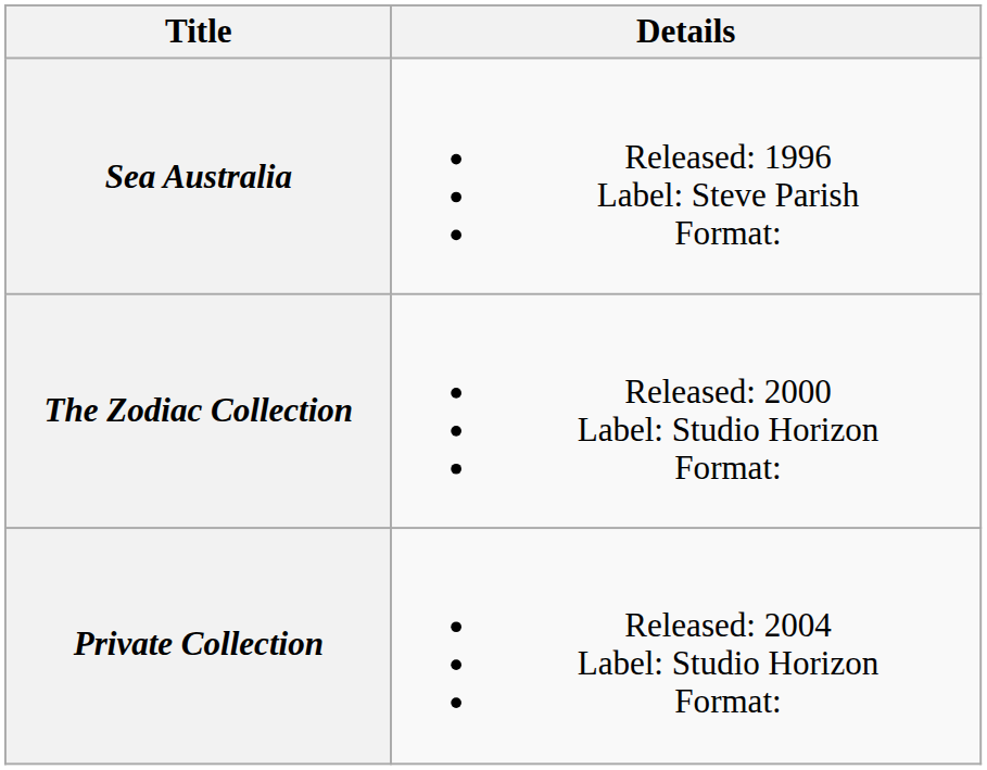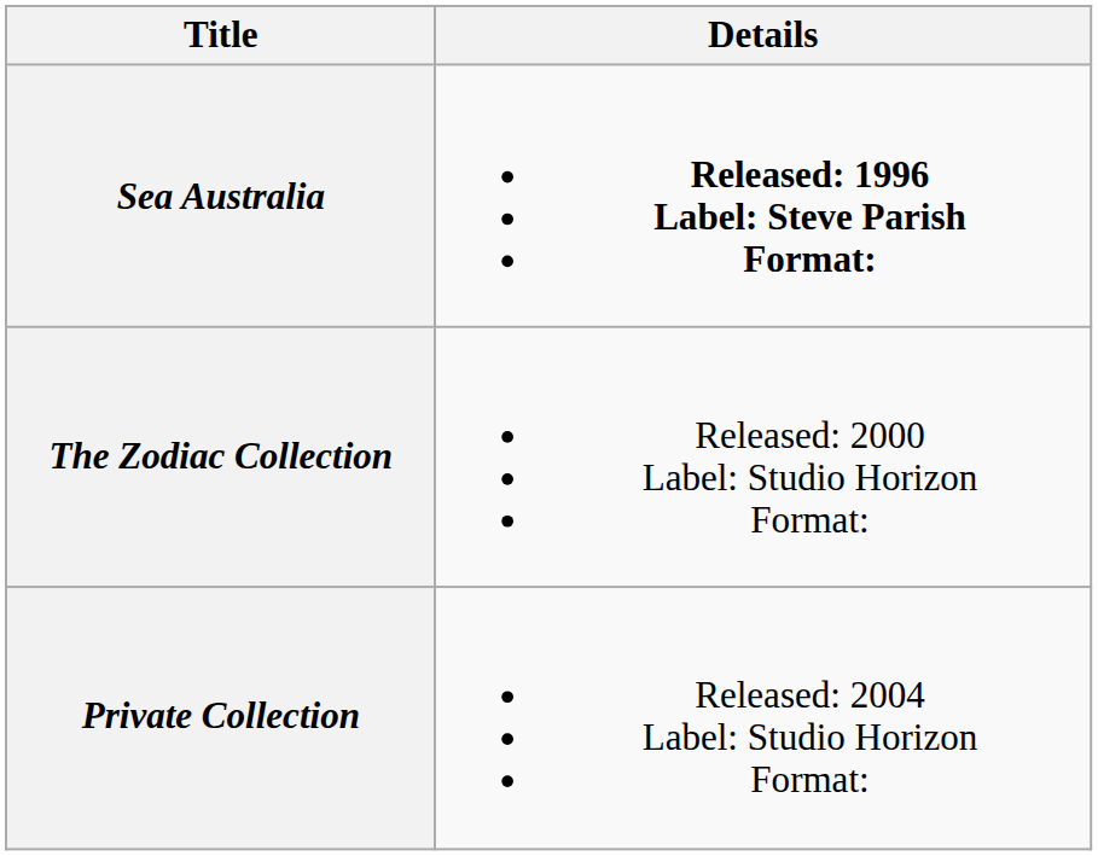 <table class="wikitable plainrowheaders" style="text-align:center;" border="1">
 <tr>
 <th scope="col" style="width:11em;">Title</th>
 <th scope="col" style="width:17em;">Details</th>
 </tr>
 <tr>
 <th scope="row"><em>Sea Australia</em></th>
-<td><br><ul><li>Released: 1996</li><li>Label: Steve Parish</li><li>Format:</li></ul></td>
+<td><strong><br><ul><li>Released: 1996</li><li>Label: Steve Parish</li><li>Format:</li></ul></strong></td>
 </tr>
 <tr>
 <th scope="row"><em>The Zodiac Collection</em></th>
 <td><br><ul><li>Released: 2000</li><li>Label: Studio Horizon</li><li>Format:</li></ul></td>
 </tr>
 <tr>
 <th scope="row"><em>Private Collection</em></th>
 <td><br><ul><li>Released: 2004</li><li>Label: Studio Horizon</li><li>Format:</li></ul></td>
 </tr>
 </table>
